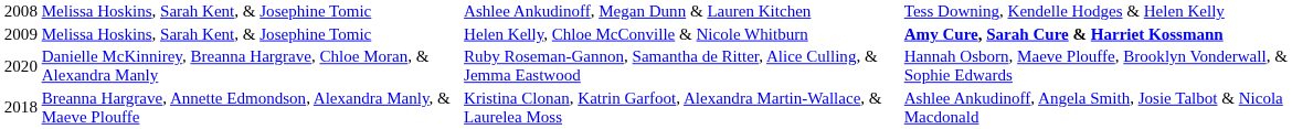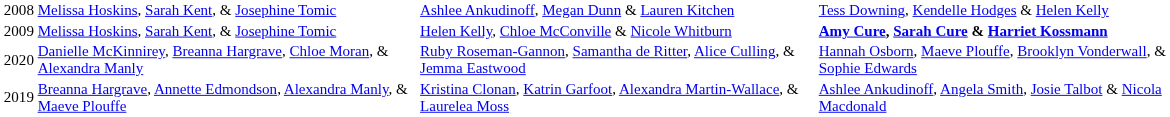 <table>
 <tr>
 <td>2008</td>
 <td><a href='#'>Melissa Hoskins</a>, <a href='#'>Sarah Kent</a>, & <a href='#'>Josephine Tomic</a></td>
 <td><a href='#'>Ashlee Ankudinoff</a>, <a href='#'>Megan Dunn</a> & <a href='#'>Lauren Kitchen</a></td>
 <td><a href='#'>Tess Downing</a>, <a href='#'>Kendelle Hodges</a> & <a href='#'>Helen Kelly</a></td>
 </tr>
 <tr>
 <td>2009</td>
 <td><a href='#'>Melissa Hoskins</a>, <a href='#'>Sarah Kent</a>, & <a href='#'>Josephine Tomic</a></td>
 <td><a href='#'>Helen Kelly</a>, <a href='#'>Chloe McConville</a> & <a href='#'>Nicole Whitburn</a></td>
 <td><strong><a href='#'>Amy Cure</a>, <a href='#'>Sarah Cure</a> & <a href='#'>Harriet Kossmann</a></strong></td>
 </tr>
 <tr>
 <td>2020</td>
 <td><a href='#'>Danielle McKinnirey</a>, <a href='#'>Breanna Hargrave</a>, <a href='#'>Chloe Moran</a>, & <a href='#'>Alexandra Manly</a></td>
 <td><a href='#'>Ruby Roseman-Gannon</a>, <a href='#'>Samantha de Ritter</a>, <a href='#'>Alice Culling</a>, & <a href='#'>Jemma Eastwood</a></td>
 <td><a href='#'>Hannah Osborn</a>, <a href='#'>Maeve Plouffe</a>, <a href='#'>Brooklyn Vonderwall</a>, & <a href='#'>Sophie Edwards</a></td>
 </tr>
 <tr>
-<td>2018</td>
+<td>2019</td>
 <td><a href='#'>Breanna Hargrave</a>, <a href='#'>Annette Edmondson</a>, <a href='#'>Alexandra Manly</a>, & <a href='#'>Maeve Plouffe</a></td>
 <td><a href='#'>Kristina Clonan</a>, <a href='#'>Katrin Garfoot</a>, <a href='#'>Alexandra Martin-Wallace</a>, & <a href='#'>Laurelea Moss</a></td>
 <td><a href='#'>Ashlee Ankudinoff</a>, <a href='#'>Angela Smith</a>, <a href='#'>Josie Talbot</a> & <a href='#'>Nicola Macdonald</a></td>
 </tr>
 <tr>
 </tr>
 </table>
